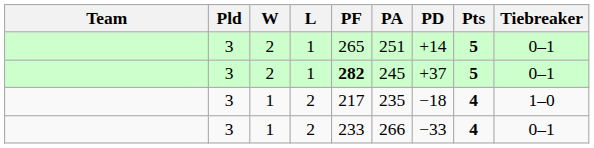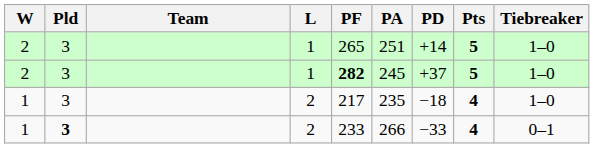 <table class=wikitable style="text-align:center">
 <tr>
+<th width=30>W</th>
+<th width=30>Pld</th>
 <th width=180>Team</th>
-<th width=30>Pld</th>
-<th width=30>W</th>
 <th width=30>L</th>
 <th width=30>PF</th>
 <th width=30>PA</th>
 <th width=30>PD</th>
 <th width=30>Pts</th>
 <th width=80>Tiebreaker</th>
 </tr>
 <tr bgcolor="#ccffcc">
+<td>2</td>
+<td>3</td>
 <td align="left"></td>
-<td>3</td>
-<td>2</td>
 <td>1</td>
 <td>265</td>
 <td>251</td>
 <td>+14</td>
 <td><strong>5</strong></td>
-<td>0–1</td>
+<td>1–0</td>
 </tr>
 <tr bgcolor="#ccffcc">
+<td>2</td>
+<td>3</td>
 <td align="left"></td>
-<td>3</td>
-<td>2</td>
 <td>1</td>
 <td><strong>282</strong></td>
 <td>245</td>
 <td>+37</td>
 <td><strong>5</strong></td>
-<td>0–1</td>
+<td>1–0</td>
 </tr>
 <tr>
+<td>1</td>
+<td>3</td>
 <td align="left"></td>
-<td>3</td>
-<td>1</td>
 <td>2</td>
 <td>217</td>
 <td>235</td>
 <td>−18</td>
 <td><strong>4</strong></td>
 <td>1–0</td>
 </tr>
 <tr>
+<td>1</td>
+<td><strong>3</strong></td>
 <td align="left"></td>
-<td>3</td>
-<td>1</td>
 <td>2</td>
 <td>233</td>
 <td>266</td>
 <td>−33</td>
 <td><strong>4</strong></td>
 <td>0–1</td>
 </tr>
 </table>
